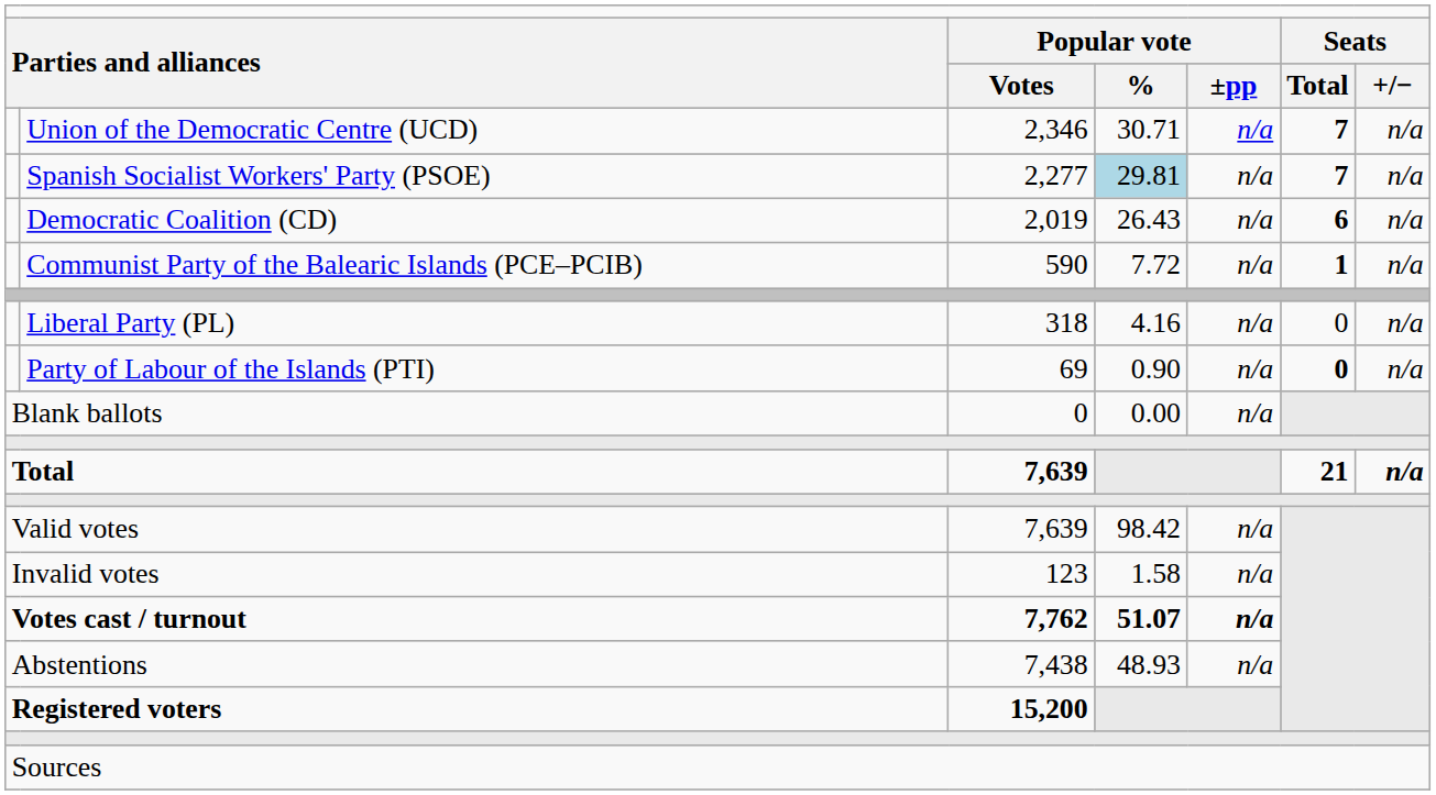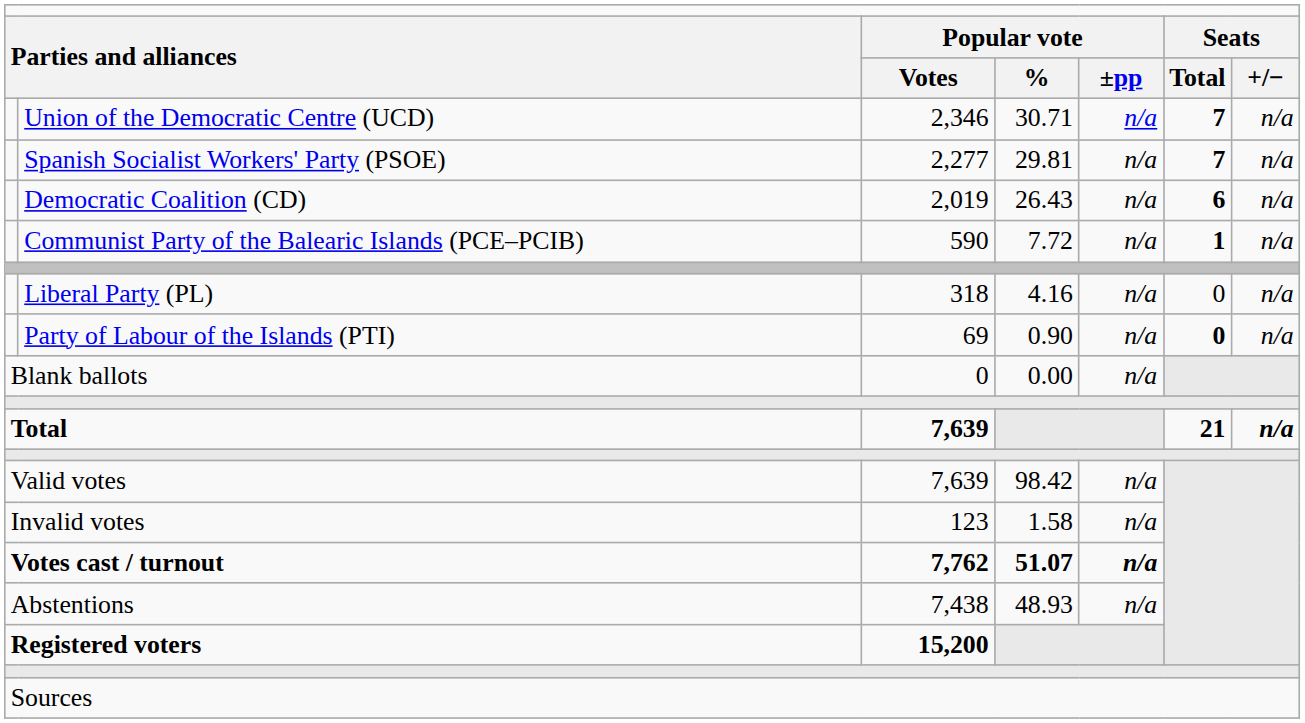 <table class="wikitable" style="text-align:right;">
 <tr>
 <td colspan="7"></td>
 </tr>
 <tr>
 <th style="text-align:left;" rowspan="2" colspan="2" width="525">Parties and alliances</th>
 <th colspan="3">Popular vote</th>
 <th colspan="2">Seats</th>
 </tr>
 <tr>
 <th width="75">Votes</th>
 <th width="45">%</th>
 <th width="45">±<a href='#'>pp</a></th>
 <th width="35">Total</th>
 <th width="35">+/−</th>
 </tr>
 <tr>
 <td width="1" style="color:inherit;background:"></td>
 <td align="left"><a href='#'>Union of the Democratic Centre</a> (UCD)</td>
 <td>2,346</td>
 <td>30.71</td>
 <td><em><a href='#'>n/a</a></em></td>
 <td><strong>7</strong></td>
 <td><em>n/a</em></td>
 </tr>
 <tr>
 <td style="color:inherit;background:"></td>
 <td align="left"><a href='#'>Spanish Socialist Workers' Party</a> (PSOE)</td>
 <td>2,277</td>
-<td style="background: lightblue;">29.81</td>
+<td>29.81</td>
 <td><em>n/a</em></td>
 <td><strong>7</strong></td>
 <td><em>n/a</em></td>
 </tr>
 <tr>
 <td style="color:inherit;background:"></td>
 <td align="left"><a href='#'>Democratic Coalition</a> (CD)</td>
 <td>2,019</td>
 <td>26.43</td>
 <td><em>n/a</em></td>
 <td><strong>6</strong></td>
 <td><em>n/a</em></td>
 </tr>
 <tr>
 <td style="color:inherit;background:"></td>
 <td align="left"><a href='#'>Communist Party of the Balearic Islands</a> (PCE–PCIB)</td>
 <td>590</td>
 <td>7.72</td>
 <td><em>n/a</em></td>
 <td><strong>1</strong></td>
 <td><em>n/a</em></td>
 </tr>
 <tr>
 <td colspan="7" bgcolor="#C0C0C0"></td>
 </tr>
 <tr>
 <td style="color:inherit;background:"></td>
 <td align="left"><a href='#'>Liberal Party</a> (PL)</td>
 <td>318</td>
 <td>4.16</td>
 <td><em>n/a</em></td>
 <td>0</td>
 <td><em>n/a</em></td>
 </tr>
 <tr>
 <td style="color:inherit;background:"></td>
 <td align="left"><a href='#'>Party of Labour of the Islands</a> (PTI)</td>
 <td>69</td>
 <td>0.90</td>
 <td><em>n/a</em></td>
 <td><strong>0</strong></td>
 <td><em>n/a</em></td>
 </tr>
 <tr>
 <td align="left" colspan="2">Blank ballots</td>
 <td>0</td>
 <td>0.00</td>
 <td><em>n/a</em></td>
 <td bgcolor="#E9E9E9" colspan="2"></td>
 </tr>
 <tr>
 <td colspan="7" bgcolor="#E9E9E9"></td>
 </tr>
 <tr style="font-weight:bold;">
 <td align="left" colspan="2">Total</td>
 <td>7,639</td>
 <td bgcolor="#E9E9E9" colspan="2"></td>
 <td>21</td>
 <td><em>n/a</em></td>
 </tr>
 <tr>
 <td colspan="7" bgcolor="#E9E9E9"></td>
 </tr>
 <tr>
 <td align="left" colspan="2">Valid votes</td>
 <td>7,639</td>
 <td>98.42</td>
 <td><em>n/a</em></td>
 <td bgcolor="#E9E9E9" colspan="2" rowspan="5"></td>
 </tr>
 <tr>
 <td align="left" colspan="2">Invalid votes</td>
 <td>123</td>
 <td>1.58</td>
 <td><em>n/a</em></td>
 </tr>
 <tr style="font-weight:bold;">
 <td align="left" colspan="2">Votes cast / turnout</td>
 <td>7,762</td>
 <td>51.07</td>
 <td><em>n/a</em></td>
 </tr>
 <tr>
 <td align="left" colspan="2">Abstentions</td>
 <td>7,438</td>
 <td>48.93</td>
 <td><em>n/a</em></td>
 </tr>
 <tr style="font-weight:bold;">
 <td align="left" colspan="2">Registered voters</td>
 <td>15,200</td>
 <td bgcolor="#E9E9E9" colspan="2"></td>
 </tr>
 <tr>
 <td colspan="7" bgcolor="#E9E9E9"></td>
 </tr>
 <tr>
 <td align="left" colspan="7">Sources</td>
 </tr>
 </table>
